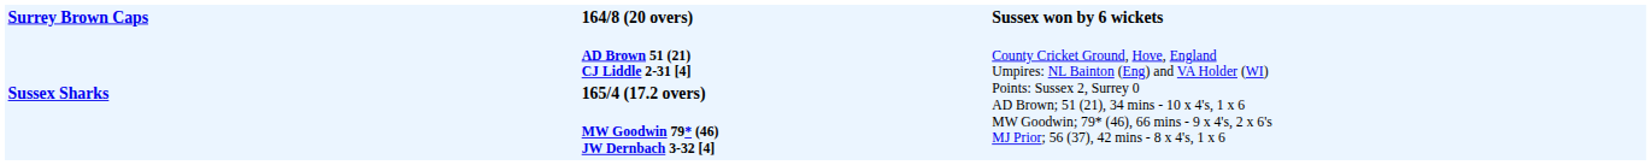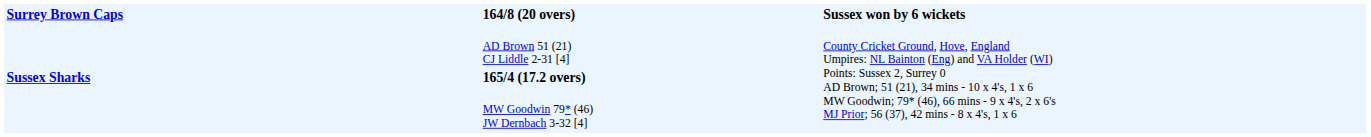 <table style="width:100%; background:#ebf5ff;">
 <tr>
 <td style="width:35%; vertical-align:top;" rowspan="2"><strong><a href='#'>Surrey Brown Caps</a></strong></td>
 <td style="width:25%;"><strong>164/8 (20 overs)</strong></td>
 <td style="width:40%;"><strong>Sussex won by 6 wickets</strong></td>
 </tr>
 <tr>
-<td style="font-size: 85%;"><strong><br><a href='#'>AD Brown</a> 51 (21)<br> <a href='#'>CJ Liddle</a> 2-31 [4]</strong></td>
+<td style="font-size: 85%;"><br><a href='#'>AD Brown</a> 51 (21)<br> <a href='#'>CJ Liddle</a> 2-31 [4]</td>
 <td style="vertical-align:top; font-size:85%;" rowspan="3"><br><a href='#'>County Cricket Ground</a>, <a href='#'>Hove</a>, <a href='#'>England</a><br> Umpires: <a href='#'>NL Bainton</a> (<a href='#'>Eng</a>) and <a href='#'>VA Holder</a> (<a href='#'>WI</a>)<br> Points: Sussex 2, Surrey 0<br>AD Brown; 51 (21), 34 mins - 10 x 4's, 1 x 6<br> MW Goodwin; 79* (46), 66 mins - 9 x 4's, 2 x 6's<br> <a href='#'>MJ Prior</a>; 56 (37), 42 mins - 8 x 4's, 1 x 6</td>
 </tr>
 <tr>
 <td style="vertical-align:top;" rowspan="2"><strong><a href='#'>Sussex Sharks</a></strong></td>
 <td><strong>165/4 (17.2 overs)</strong></td>
 </tr>
 <tr>
-<td style="font-size: 85%;"><strong><br><a href='#'>MW Goodwin</a> 79<a href='#'>*</a> (46)<br> <a href='#'>JW Dernbach</a> 3-32 [4]</strong></td>
+<td style="font-size: 85%;"><br><a href='#'>MW Goodwin</a> 79<a href='#'>*</a> (46)<br> <a href='#'>JW Dernbach</a> 3-32 [4]</td>
 </tr>
 </table>
